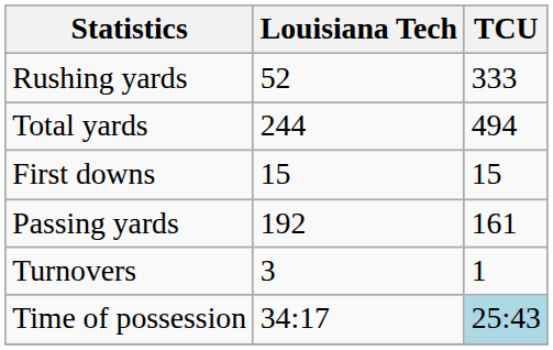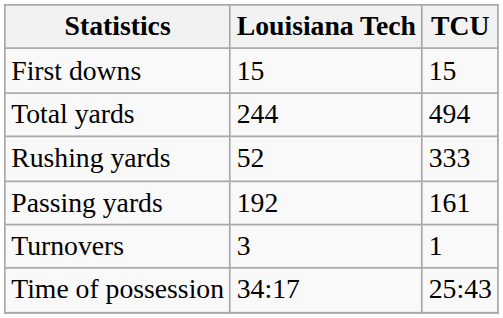 <table class="wikitable">
 <tr>
 <th>Statistics</th>
 <th>Louisiana Tech</th>
 <th>TCU</th>
 </tr>
 <tr>
-<td>Rushing yards</td>
-<td>52</td>
-<td>333</td>
+<td>First downs</td>
+<td>15</td>
+<td>15</td>
 </tr>
 <tr>
 <td>Total yards</td>
 <td>244</td>
 <td>494</td>
 </tr>
 <tr>
-<td>First downs</td>
-<td>15</td>
-<td>15</td>
+<td>Rushing yards</td>
+<td>52</td>
+<td>333</td>
 </tr>
 <tr>
 <td>Passing yards</td>
 <td>192</td>
 <td>161</td>
 </tr>
 <tr>
 <td>Turnovers</td>
 <td>3</td>
 <td>1</td>
 </tr>
 <tr>
 <td>Time of possession</td>
 <td>34:17</td>
-<td style="background: lightblue;">25:43</td>
+<td>25:43</td>
 </tr>
 <tr>
 </tr>
 </table>
